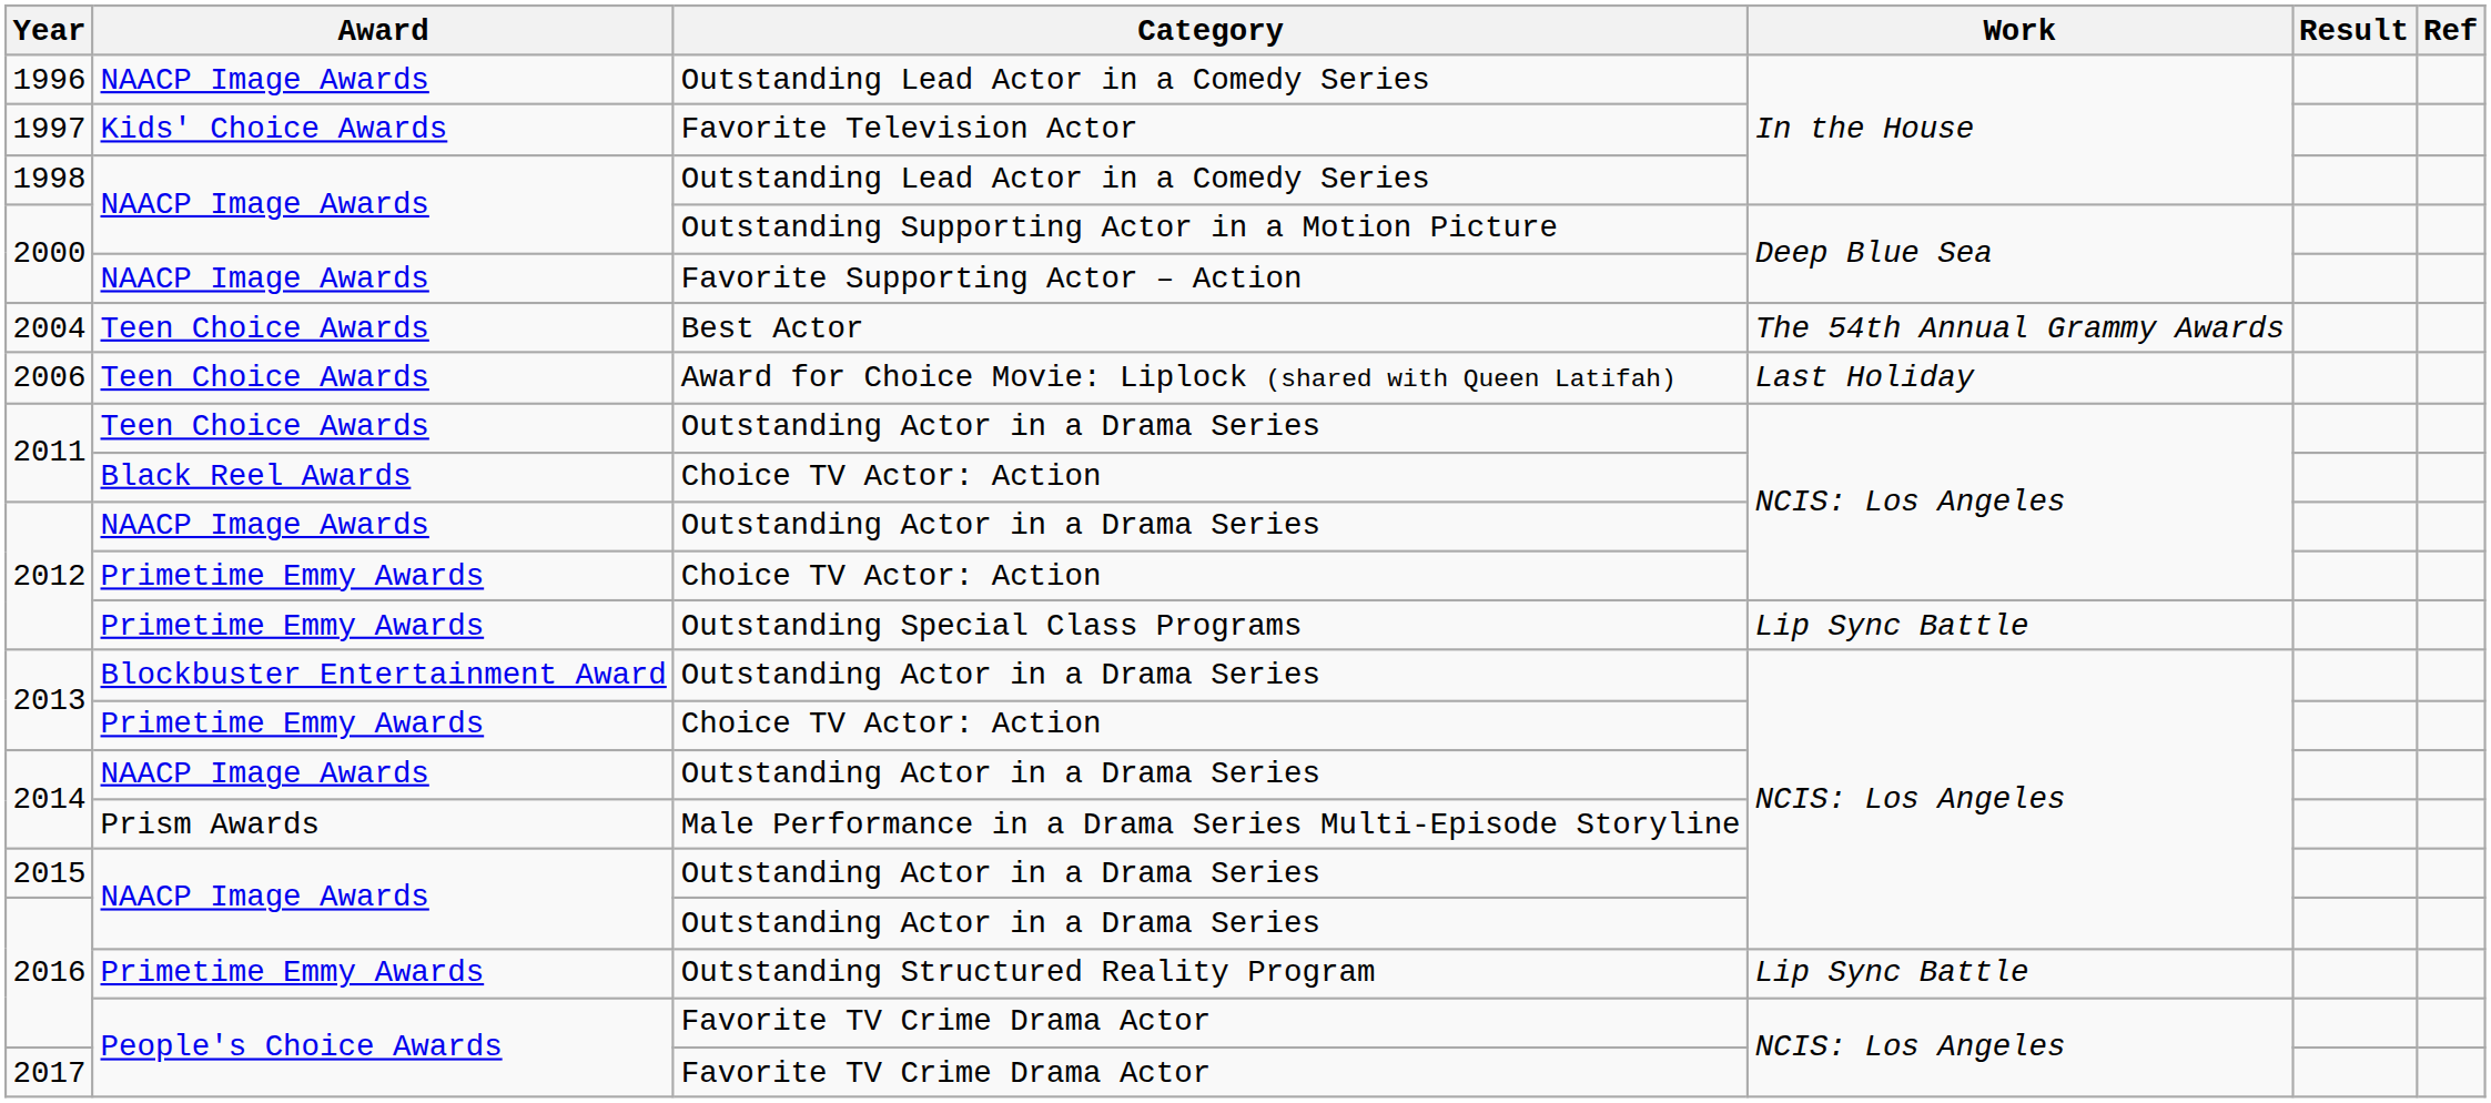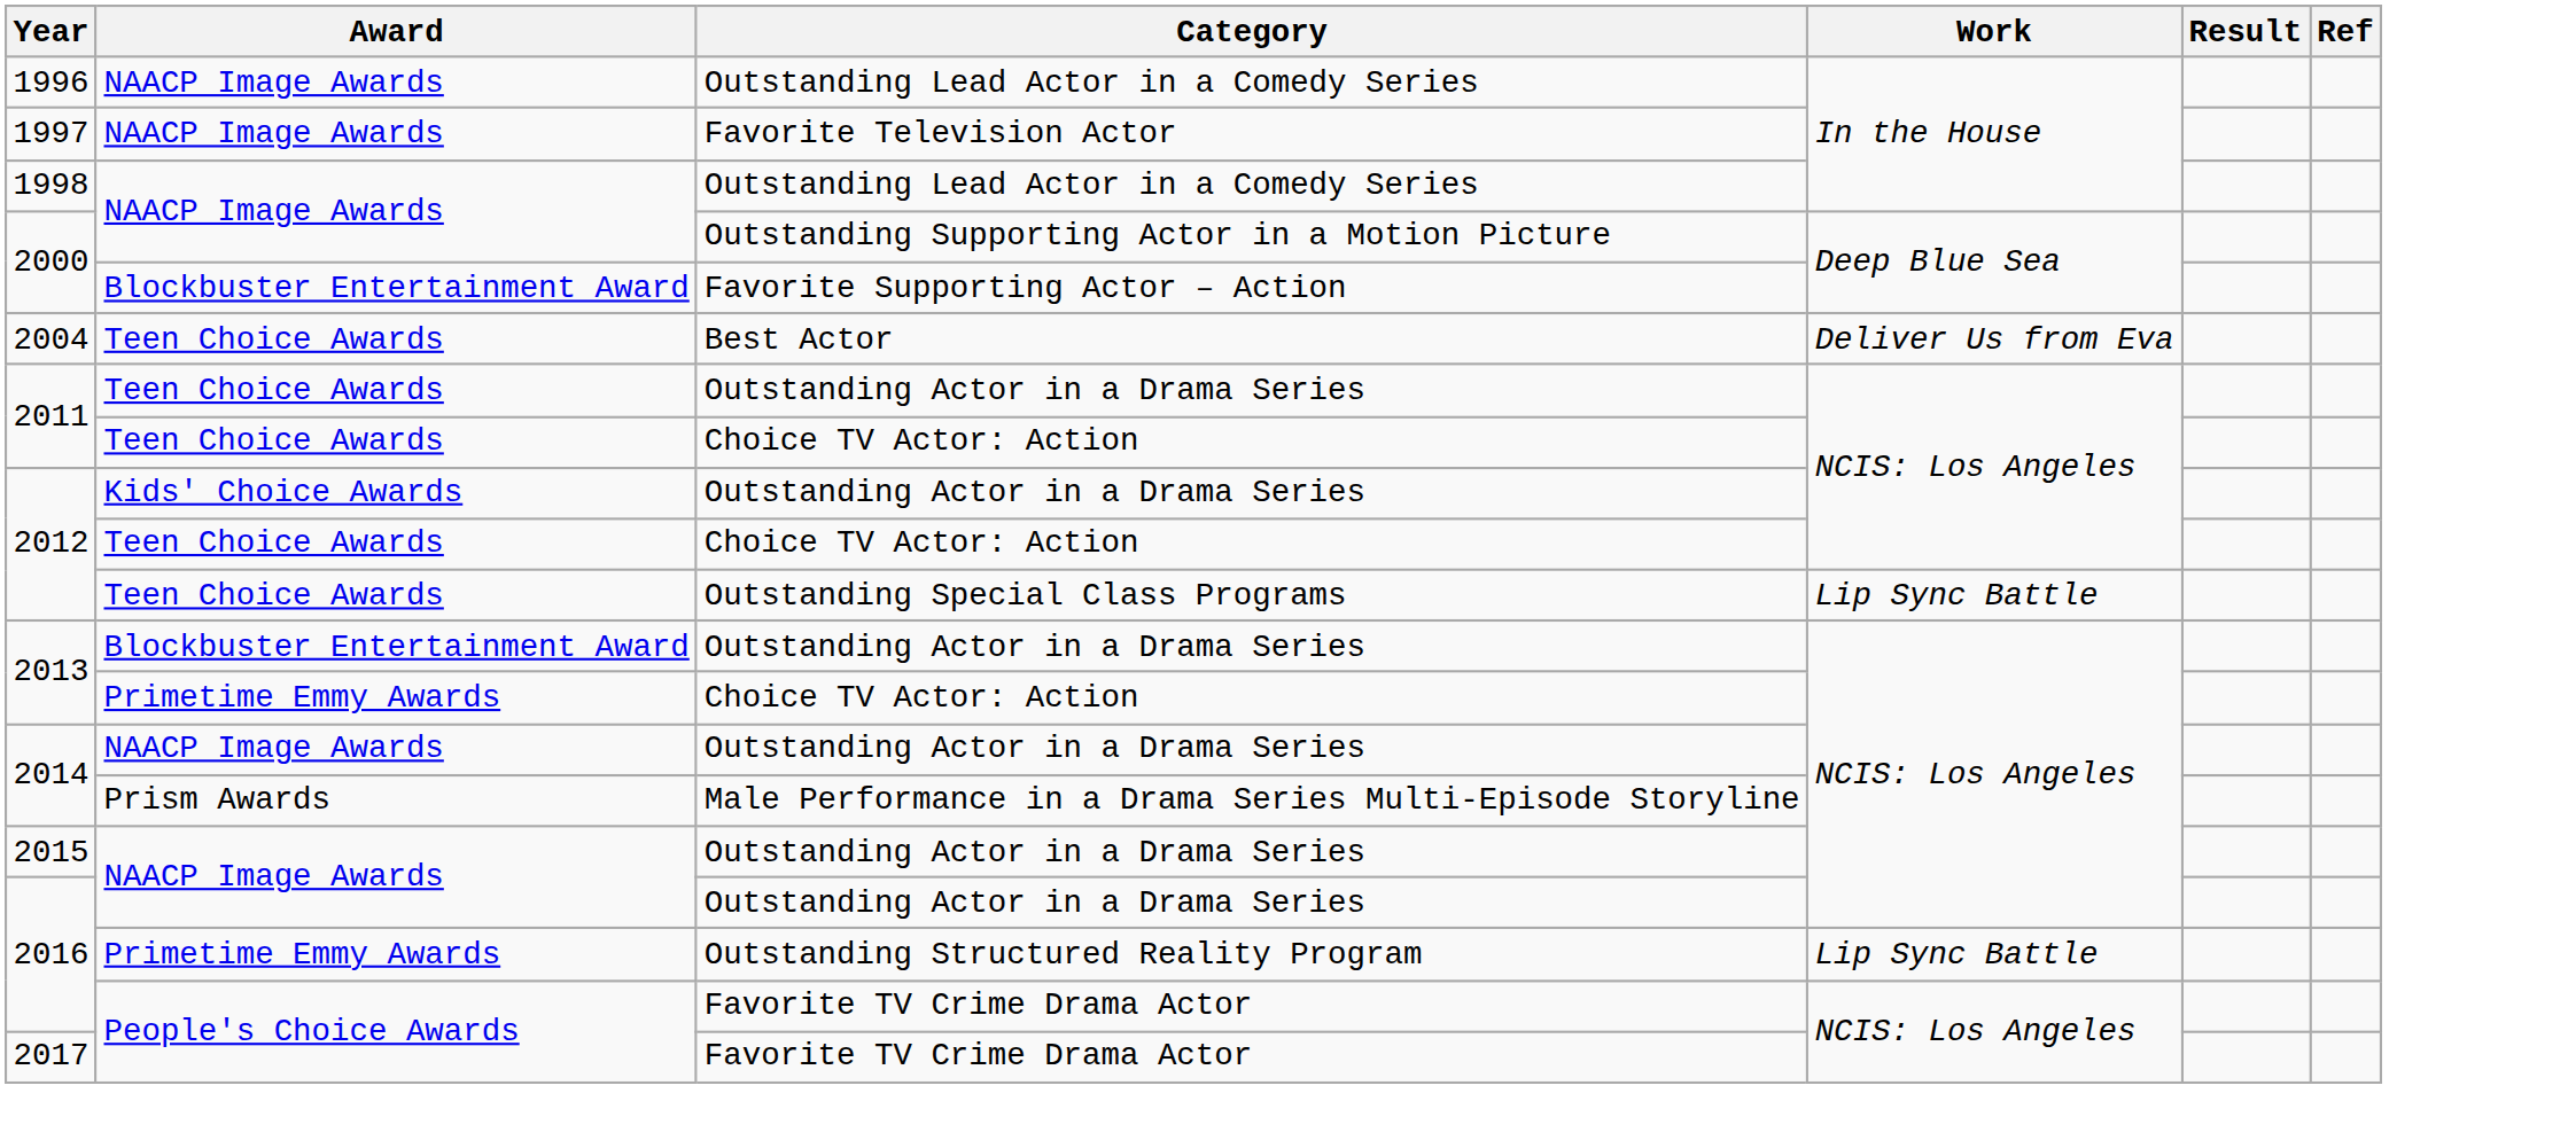 <table class="wikitable">
 <tr>
 <th>Year</th>
 <th>Award</th>
 <th>Category</th>
 <th>Work</th>
 <th>Result</th>
 <th>Ref</th>
 </tr>
 <tr>
 <td>1996</td>
 <td><a href='#'>NAACP Image Awards</a></td>
 <td>Outstanding Lead Actor in a Comedy Series</td>
 <td rowspan="3"><em>In the House</em></td>
 <td></td>
 <td></td>
 </tr>
 <tr>
 <td>1997</td>
-<td><a href='#'>Kids' Choice Awards</a></td>
+<td><a href='#'>NAACP Image Awards</a></td>
 <td>Favorite Television Actor</td>
 <td></td>
 <td></td>
 </tr>
 <tr>
 <td>1998</td>
 <td rowspan="2"><a href='#'>NAACP Image Awards</a></td>
 <td>Outstanding Lead Actor in a Comedy Series</td>
 <td></td>
 <td></td>
 </tr>
 <tr>
 <td rowspan="2">2000</td>
 <td>Outstanding Supporting Actor in a Motion Picture</td>
 <td rowspan="2"><em>Deep Blue Sea</em></td>
 <td></td>
 <td></td>
 </tr>
 <tr>
-<td><a href='#'>NAACP Image Awards</a></td>
+<td><a href='#'>Blockbuster Entertainment Award</a></td>
 <td>Favorite Supporting Actor – Action</td>
 <td></td>
 <td></td>
 </tr>
 <tr>
 <td>2004</td>
 <td><a href='#'>Teen Choice Awards</a></td>
 <td>Best Actor</td>
-<td><em>The 54th Annual Grammy Awards</em></td>
-<td></td>
-<td></td>
-</tr>
-<tr>
-<td>2006</td>
-<td><a href='#'>Teen Choice Awards</a></td>
-<td>Award for Choice Movie: Liplock <small>(shared with Queen Latifah)</small></td>
-<td><em>Last Holiday</em></td>
+<td><em>Deliver Us from Eva</em></td>
 <td></td>
 <td></td>
 </tr>
 <tr>
 <td rowspan="2">2011</td>
 <td><a href='#'>Teen Choice Awards</a></td>
 <td>Outstanding Actor in a Drama Series</td>
 <td rowspan="4"><em>NCIS: Los Angeles</em></td>
 <td></td>
 <td></td>
 </tr>
 <tr>
-<td><a href='#'>Black Reel Awards</a></td>
+<td><a href='#'>Teen Choice Awards</a></td>
 <td>Choice TV Actor: Action</td>
 <td></td>
 <td></td>
 </tr>
 <tr>
 <td rowspan="3">2012</td>
-<td><a href='#'>NAACP Image Awards</a></td>
+<td><a href='#'>Kids' Choice Awards</a></td>
 <td>Outstanding Actor in a Drama Series</td>
 <td></td>
 <td></td>
 </tr>
 <tr>
-<td><a href='#'>Primetime Emmy Awards</a></td>
+<td><a href='#'>Teen Choice Awards</a></td>
 <td>Choice TV Actor: Action</td>
 <td></td>
 <td></td>
 </tr>
 <tr>
-<td><a href='#'>Primetime Emmy Awards</a></td>
+<td><a href='#'>Teen Choice Awards</a></td>
 <td>Outstanding Special Class Programs</td>
 <td><em>Lip Sync Battle</em></td>
 <td></td>
 <td></td>
 </tr>
 <tr>
 <td rowspan="2">2013</td>
 <td><a href='#'>Blockbuster Entertainment Award</a></td>
 <td>Outstanding Actor in a Drama Series</td>
 <td rowspan="6"><em>NCIS: Los Angeles</em></td>
 <td></td>
 <td></td>
 </tr>
 <tr>
 <td><a href='#'>Primetime Emmy Awards</a></td>
 <td>Choice TV Actor: Action</td>
 <td></td>
 <td></td>
 </tr>
 <tr>
 <td rowspan="2'">2014</td>
 <td><a href='#'>NAACP Image Awards</a></td>
 <td>Outstanding Actor in a Drama Series</td>
 <td></td>
 <td></td>
 </tr>
 <tr>
 <td>Prism Awards</td>
 <td>Male Performance in a Drama Series Multi-Episode Storyline</td>
 <td></td>
 <td></td>
 </tr>
 <tr>
 <td>2015</td>
 <td rowspan="2"><a href='#'>NAACP Image Awards</a></td>
 <td>Outstanding Actor in a Drama Series</td>
 <td></td>
 <td></td>
 </tr>
 <tr>
 <td rowspan="3">2016</td>
 <td>Outstanding Actor in a Drama Series</td>
 <td></td>
 <td></td>
 </tr>
 <tr>
 <td><a href='#'>Primetime Emmy Awards</a></td>
 <td>Outstanding Structured Reality Program</td>
 <td><em>Lip Sync Battle</em></td>
 <td></td>
 <td></td>
 </tr>
 <tr>
 <td rowspan="2"><a href='#'>People's Choice Awards</a></td>
 <td>Favorite TV Crime Drama Actor</td>
 <td rowspan="2"><em>NCIS: Los Angeles</em></td>
 <td></td>
 <td></td>
 </tr>
 <tr>
 <td>2017</td>
 <td>Favorite TV Crime Drama Actor</td>
 <td></td>
 <td></td>
 </tr>
 </table>
